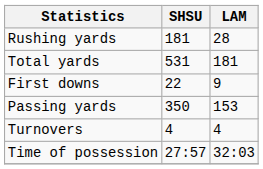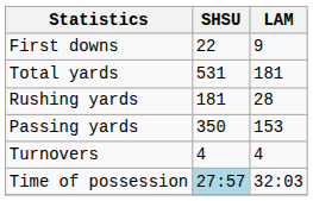 <table class="wikitable" style="float: left;">
 <tr>
 <th>Statistics</th>
 <th>SHSU</th>
 <th>LAM</th>
 </tr>
 <tr>
-<td>Rushing yards</td>
-<td>181</td>
-<td>28</td>
+<td>First downs</td>
+<td>22</td>
+<td>9</td>
 </tr>
 <tr>
 <td>Total yards</td>
 <td>531</td>
 <td>181</td>
 </tr>
 <tr>
-<td>First downs</td>
-<td>22</td>
-<td>9</td>
+<td>Rushing yards</td>
+<td>181</td>
+<td>28</td>
 </tr>
 <tr>
 <td>Passing yards</td>
 <td>350</td>
 <td>153</td>
 </tr>
 <tr>
 <td>Turnovers</td>
 <td>4</td>
 <td>4</td>
 </tr>
 <tr>
 <td>Time of possession</td>
-<td>27:57</td>
+<td style="background: lightblue;">27:57</td>
 <td>32:03</td>
 </tr>
 <tr>
 </tr>
 </table>
